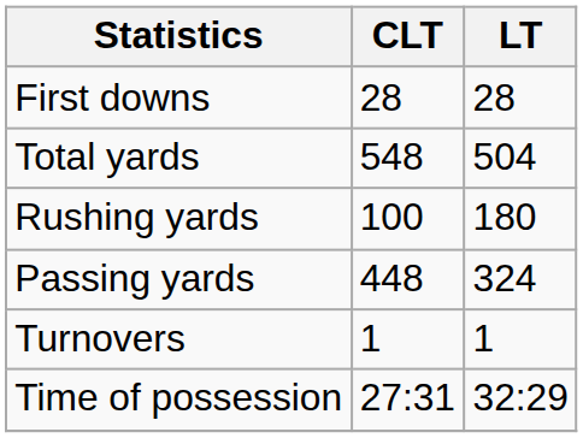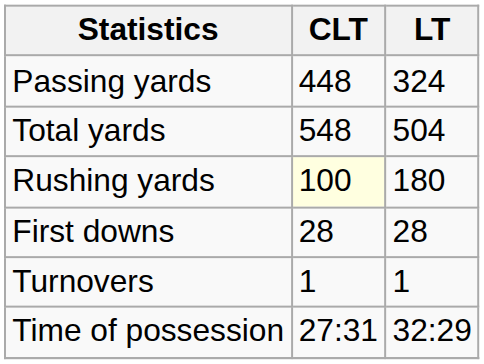 <table class="wikitable" style="float: left;">
 <tr>
 <th>Statistics</th>
 <th>CLT</th>
 <th>LT</th>
 </tr>
 <tr>
-<td>First downs</td>
-<td>28</td>
-<td>28</td>
+<td>Passing yards</td>
+<td>448</td>
+<td>324</td>
 </tr>
 <tr>
 <td>Total yards</td>
 <td>548</td>
 <td>504</td>
 </tr>
 <tr>
 <td>Rushing yards</td>
-<td>100</td>
+<td style="background: lightyellow;">100</td>
 <td>180</td>
 </tr>
 <tr>
-<td>Passing yards</td>
-<td>448</td>
-<td>324</td>
+<td>First downs</td>
+<td>28</td>
+<td>28</td>
 </tr>
 <tr>
 <td>Turnovers</td>
 <td>1</td>
 <td>1</td>
 </tr>
 <tr>
 <td>Time of possession</td>
 <td>27:31</td>
 <td>32:29</td>
 </tr>
 <tr>
 </tr>
 </table>
